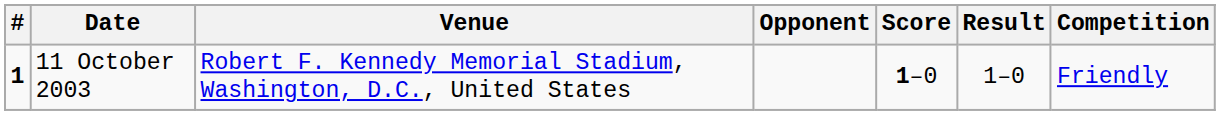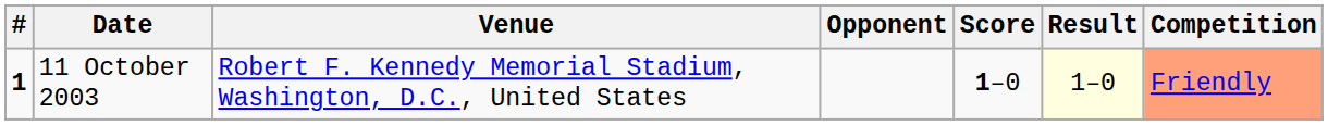 <table class="wikitable" style="font-size:90%; text-align: left;">
 <tr bgcolor="#CCCCCC" align="center">
 </tr>
 <tr>
 <th>#</th>
 <th>Date</th>
 <th>Venue</th>
 <th>Opponent</th>
 <th>Score</th>
 <th>Result</th>
 <th>Competition</th>
 </tr>
 <tr>
 <td><strong>1</strong></td>
 <td>11 October 2003</td>
 <td><a href='#'>Robert F. Kennedy Memorial Stadium</a>, <a href='#'>Washington, D.C.</a>, United States</td>
 <td></td>
 <td align="center"><strong>1</strong>–0</td>
-<td align="center">1–0</td>
-<td><a href='#'>Friendly</a></td>
+<td align="center" style="background: lightyellow;">1–0</td>
+<td style="background: lightsalmon;"><a href='#'>Friendly</a></td>
 </tr>
 </table>
